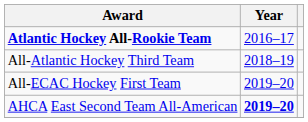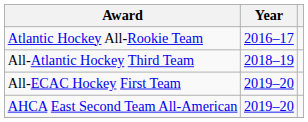 <table class="wikitable">
 <tr>
 <th>Award</th>
 <th>Year</th>
 <th></th>
 </tr>
 <tr>
-<td><strong><a href='#'>Atlantic Hockey</a> All-<a href='#'>Rookie Team</a></strong></td>
+<td><a href='#'>Atlantic Hockey</a> All-<a href='#'>Rookie Team</a></td>
 <td><a href='#'>2016–17</a></td>
 <td></td>
 </tr>
 <tr>
 <td>All-<a href='#'>Atlantic Hockey</a> <a href='#'>Third Team</a></td>
 <td><a href='#'>2018–19</a></td>
 <td></td>
 </tr>
 <tr>
 <td>All-<a href='#'>ECAC Hockey</a> <a href='#'>First Team</a></td>
 <td><a href='#'>2019–20</a></td>
 <td></td>
 </tr>
 <tr>
 <td><a href='#'>AHCA</a> <a href='#'>East Second Team All-American</a></td>
-<td><strong><a href='#'>2019–20</a></strong></td>
+<td><a href='#'>2019–20</a></td>
 <td></td>
 </tr>
 <tr>
 </tr>
 </table>
